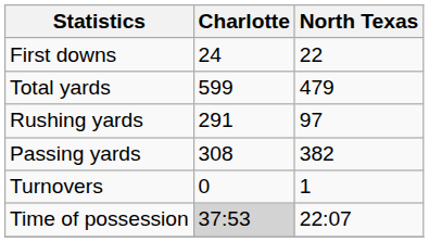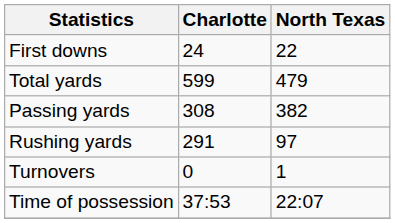 <table class="wikitable">
 <tr>
 <th>Statistics</th>
 <th>Charlotte</th>
 <th>North Texas</th>
 </tr>
 <tr>
 <td>First downs</td>
 <td>24</td>
 <td>22</td>
 </tr>
 <tr>
 <td>Total yards</td>
 <td>599</td>
 <td>479</td>
 </tr>
 <tr>
+<td>Passing yards</td>
+<td>308</td>
+<td>382</td>
+</tr>
+<tr>
 <td>Rushing yards</td>
 <td>291</td>
 <td>97</td>
-</tr>
-<tr>
-<td>Passing yards</td>
-<td>308</td>
-<td>382</td>
 </tr>
 <tr>
 <td>Turnovers</td>
 <td>0</td>
 <td>1</td>
 </tr>
 <tr>
 <td>Time of possession</td>
-<td style="background: lightgrey;">37:53</td>
+<td>37:53</td>
 <td>22:07</td>
 </tr>
 <tr>
 </tr>
 </table>
